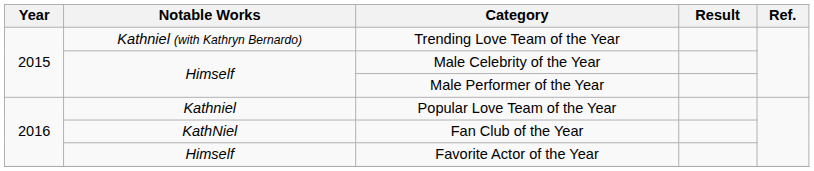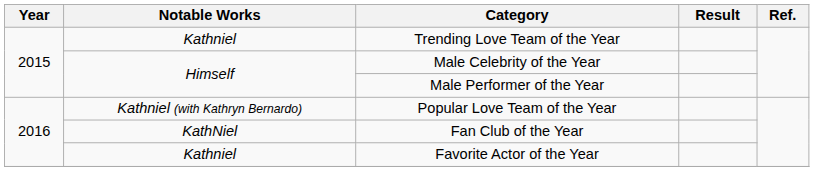 <table class="wikitable" style="text-align:center" width=70%>
 <tr>
 <th>Year</th>
 <th>Notable Works</th>
 <th>Category</th>
 <th>Result</th>
 <th>Ref.</th>
 </tr>
 <tr>
 <td rowspan="3">2015</td>
-<td><em>Kathniel <small>(with Kathryn Bernardo)</small></em></td>
+<td><em>Kathniel</em></td>
 <td>Trending Love Team of the Year</td>
 <td></td>
 <td rowspan="3"></td>
 </tr>
 <tr>
 <td rowspan="2"><em>Himself</em></td>
 <td>Male Celebrity of the Year</td>
 <td></td>
 </tr>
 <tr>
 <td>Male Performer of the Year</td>
 <td></td>
 </tr>
 <tr>
 <td rowspan="3">2016</td>
-<td><em>Kathniel</em></td>
+<td><em>Kathniel <small>(with Kathryn Bernardo)</small></em></td>
 <td>Popular Love Team of the Year</td>
 <td></td>
 <td rowspan="3"></td>
 </tr>
 <tr>
 <td><em>KathNiel</em></td>
 <td>Fan Club of the Year</td>
 <td></td>
 </tr>
 <tr>
-<td><em>Himself</em></td>
+<td><em>Kathniel</em></td>
 <td>Favorite Actor of the Year</td>
 <td></td>
 </tr>
 <tr>
 </tr>
 </table>
